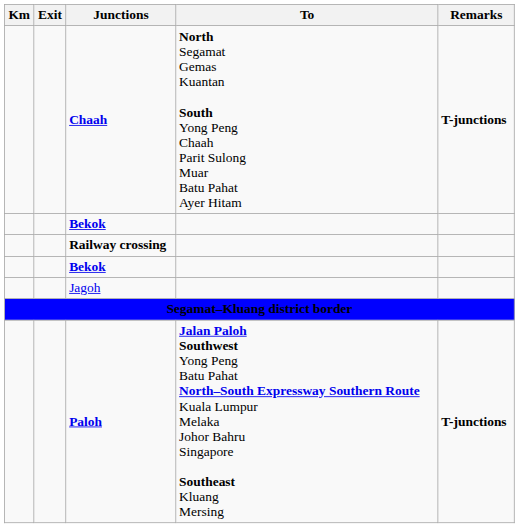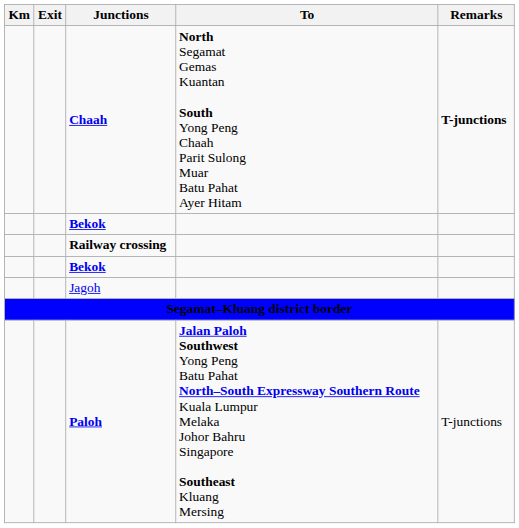 <table class="wikitable">
 <tr>
 <th>Km</th>
 <th>Exit</th>
 <th>Junctions</th>
 <th>To</th>
 <th>Remarks</th>
 </tr>
 <tr>
 <td></td>
 <td></td>
 <td><strong><a href='#'>Chaah</a></strong></td>
 <td><strong>North</strong><br> Segamat<br> Gemas<br> Kuantan<br><br><strong>South</strong><br> Yong Peng<br> Chaah<br> Parit Sulong<br>  Muar<br> Batu Pahat<br> Ayer Hitam</td>
 <td><strong>T-junctions</strong></td>
 </tr>
 <tr>
 <td></td>
 <td></td>
 <td><strong><a href='#'>Bekok</a></strong></td>
 <td></td>
 <td></td>
 </tr>
 <tr>
 <td></td>
 <td></td>
 <td><strong>Railway crossing</strong></td>
 <td></td>
 <td></td>
 </tr>
 <tr>
 <td></td>
 <td></td>
 <td><strong><a href='#'>Bekok</a></strong></td>
 <td></td>
 <td></td>
 </tr>
 <tr>
 <td></td>
 <td></td>
 <td><a href='#'>Jagoh</a></td>
 <td></td>
 <td></td>
 </tr>
 <tr>
 <td colspan="6"  style="width:600px; text-align:center; background:blue;"><strong><span>Segamat–Kluang district border</span></strong></td>
 </tr>
 <tr>
 <td></td>
 <td></td>
 <td><strong><a href='#'>Paloh</a></strong></td>
 <td><strong><a href='#'>Jalan Paloh</a></strong><br><strong>Southwest</strong><br>Yong Peng<br>Batu Pahat<br>  <strong><a href='#'>North–South Expressway Southern Route</a></strong><br>Kuala Lumpur<br>Melaka<br>Johor Bahru<br>Singapore<br><br><strong>Southeast</strong><br>Kluang<br>Mersing</td>
-<td><strong>T-junctions</strong></td>
+<td>T-junctions</td>
 </tr>
 </table>
